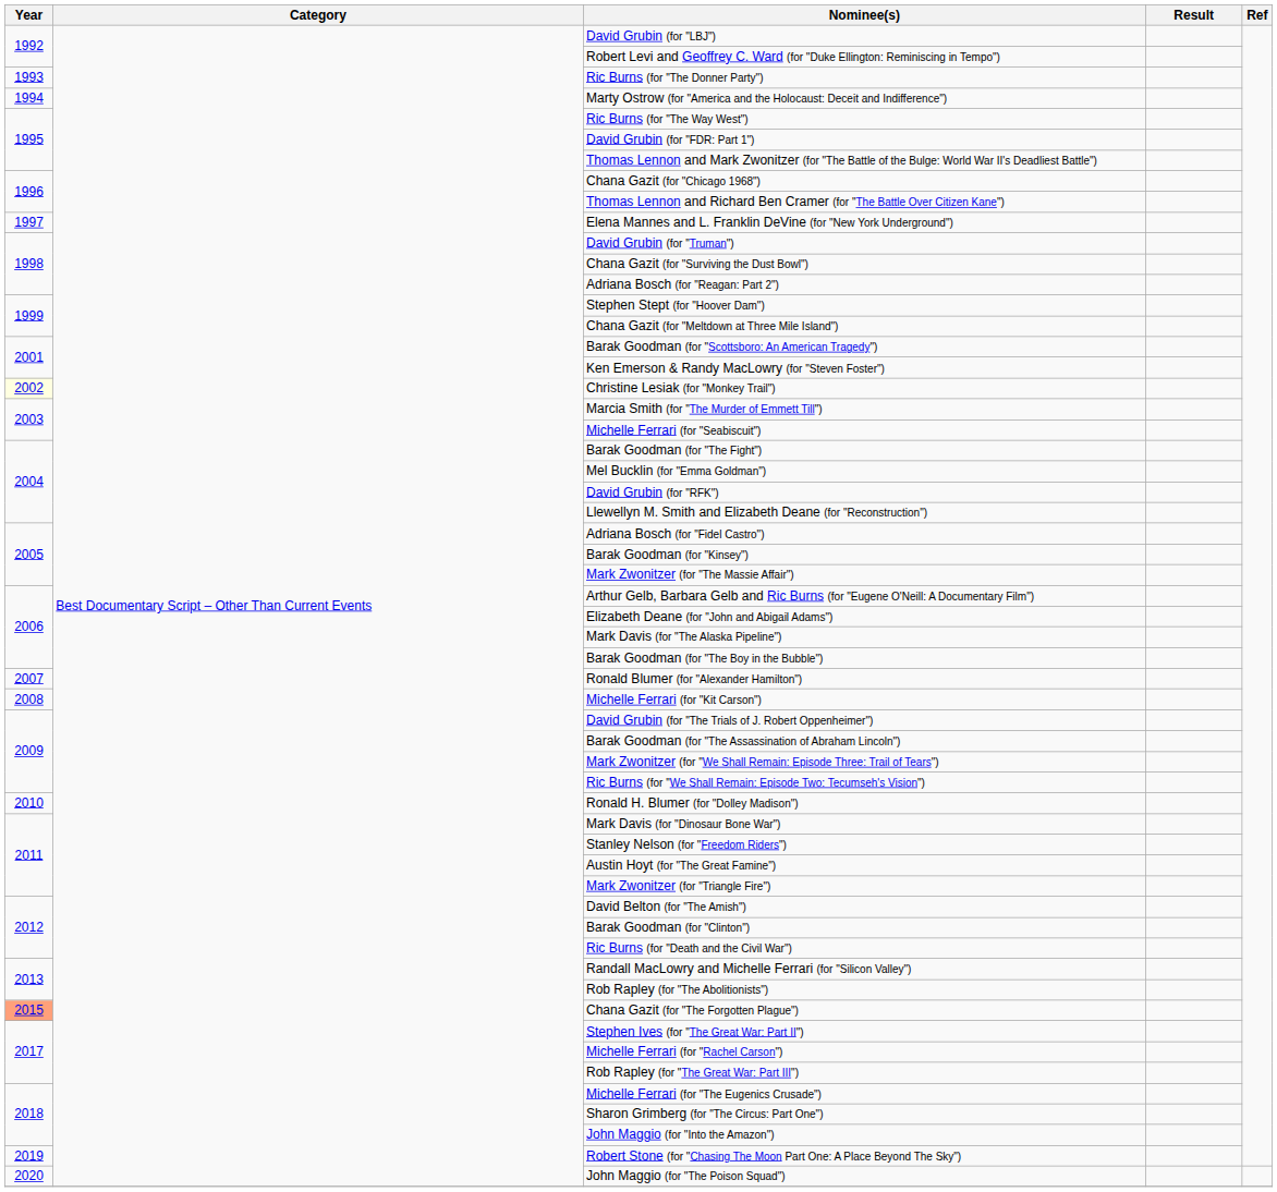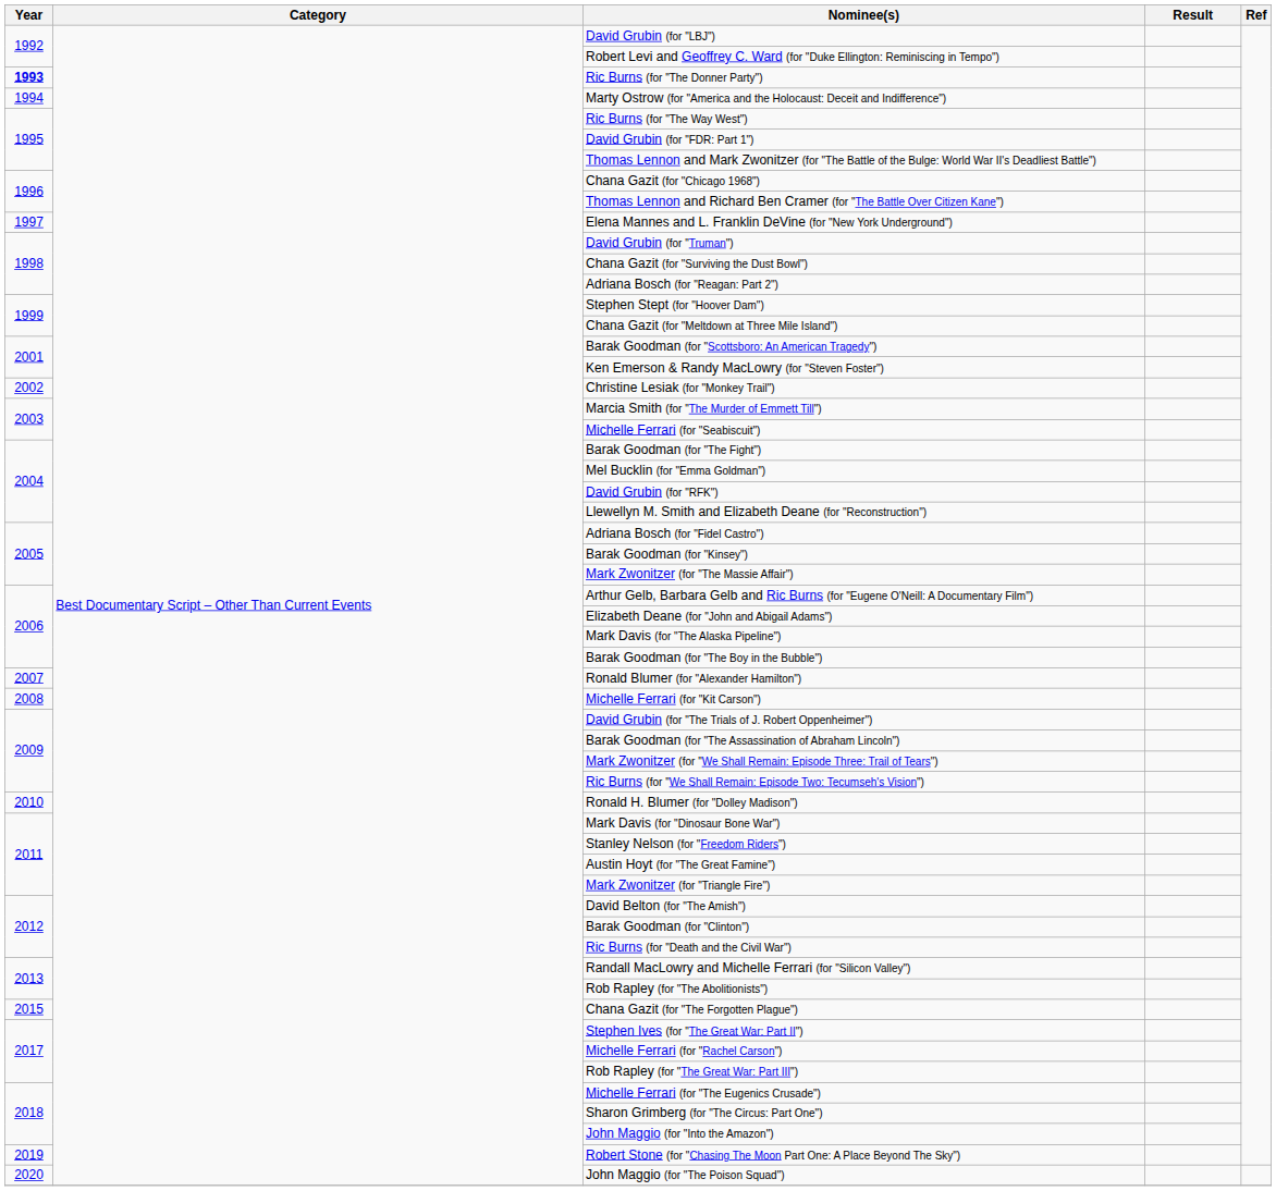 <table class="wikitable sortable" style="width:98%">
 <tr>
 <th scope="col" style="width:3%;">Year</th>
 <th scope="col" style="width:33%;">Category</th>
 <th scope="col" style="width:35%;">Nominee(s)</th>
 <th scope="col" style="width:6%;">Result</th>
 <th scope="col" class="unsortable" style="width:1%;">Ref</th>
 </tr>
 <tr>
 <td align="center" rowspan="2"><a href='#'>1992</a></td>
 <td rowspan="56"><a href='#'>Best Documentary Script – Other Than Current Events</a></td>
 <td><a href='#'>David Grubin</a> <small>(for "LBJ")</small></td>
 <td></td>
 <td rowspan="55"align="center"></td>
 </tr>
 <tr>
 <td>Robert Levi and <a href='#'>Geoffrey C. Ward</a> <small>(for "Duke Ellington: Reminiscing in Tempo")</small></td>
 <td></td>
 </tr>
 <tr>
-<td align="center" rowspan="1"><a href='#'>1993</a></td>
+<td align="center" rowspan="1"><strong><a href='#'>1993</a></strong></td>
 <td><a href='#'>Ric Burns</a> <small>(for "The Donner Party")</small></td>
 <td></td>
 </tr>
 <tr>
 <td align="center" rowspan="1"><a href='#'>1994</a></td>
 <td>Marty Ostrow <small>(for "America and the Holocaust: Deceit and Indifference")</small></td>
 <td></td>
 </tr>
 <tr>
 <td align="center" rowspan="3"><a href='#'>1995</a></td>
 <td><a href='#'>Ric Burns</a> <small>(for "The Way West")</small></td>
 <td></td>
 </tr>
 <tr>
 <td><a href='#'>David Grubin</a> <small>(for "FDR: Part 1")</small></td>
 <td></td>
 </tr>
 <tr>
 <td><a href='#'>Thomas Lennon</a> and Mark Zwonitzer <small>(for "The Battle of the Bulge: World War II's Deadliest Battle")</small></td>
 <td></td>
 </tr>
 <tr>
 <td align="center" rowspan="2"><a href='#'>1996</a></td>
 <td>Chana Gazit <small>(for "Chicago 1968")</small></td>
 <td></td>
 </tr>
 <tr>
 <td><a href='#'>Thomas Lennon</a> and Richard Ben Cramer <small>(for "<a href='#'>The Battle Over Citizen Kane</a>")</small></td>
 <td></td>
 </tr>
 <tr>
 <td align="center" rowspan="1"><a href='#'>1997</a></td>
 <td>Elena Mannes and L. Franklin DeVine <small>(for "New York Underground")</small></td>
 <td></td>
 </tr>
 <tr>
 <td align="center" rowspan="3"><a href='#'>1998</a></td>
 <td><a href='#'>David Grubin</a> <small>(for "<a href='#'>Truman</a>")</small></td>
 <td></td>
 </tr>
 <tr>
 <td>Chana Gazit <small>(for "Surviving the Dust Bowl")</small></td>
 <td></td>
 </tr>
 <tr>
 <td>Adriana Bosch <small>(for "Reagan: Part 2")</small></td>
 <td></td>
 </tr>
 <tr>
 <td align="center" rowspan="2"><a href='#'>1999</a></td>
 <td>Stephen Stept <small>(for "Hoover Dam")</small></td>
 <td></td>
 </tr>
 <tr>
 <td>Chana Gazit <small>(for "Meltdown at Three Mile Island")</small></td>
 <td></td>
 </tr>
 <tr>
 <td align="center" rowspan="2"><a href='#'>2001</a></td>
 <td>Barak Goodman <small>(for "<a href='#'>Scottsboro: An American Tragedy</a>")</small></td>
 <td></td>
 </tr>
 <tr>
 <td>Ken Emerson & Randy MacLowry <small>(for "Steven Foster")</small></td>
 <td></td>
 </tr>
 <tr>
-<td align="center" rowspan="1" style="background: lightyellow;"><a href='#'>2002</a></td>
+<td align="center" rowspan="1"><a href='#'>2002</a></td>
 <td>Christine Lesiak <small>(for "Monkey Trail")</small></td>
 <td></td>
 </tr>
 <tr>
 <td align="center" rowspan="2"><a href='#'>2003</a></td>
 <td>Marcia Smith <small>(for "<a href='#'>The Murder of Emmett Till</a>")</small></td>
 <td></td>
 </tr>
 <tr>
 <td><a href='#'>Michelle Ferrari</a> <small>(for "Seabiscuit")</small></td>
 <td></td>
 </tr>
 <tr>
 <td align="center" rowspan="4"><a href='#'>2004</a></td>
 <td>Barak Goodman <small>(for "The Fight")</small></td>
 <td></td>
 </tr>
 <tr>
 <td>Mel Bucklin <small>(for "Emma Goldman")</small></td>
 <td></td>
 </tr>
 <tr>
 <td><a href='#'>David Grubin</a> <small>(for "RFK")</small></td>
 <td></td>
 </tr>
 <tr>
 <td>Llewellyn M. Smith and Elizabeth Deane <small>(for "Reconstruction")</small></td>
 <td></td>
 </tr>
 <tr>
 <td align="center" rowspan="3"><a href='#'>2005</a></td>
 <td>Adriana Bosch <small>(for "Fidel Castro")</small></td>
 <td></td>
 </tr>
 <tr>
 <td>Barak Goodman <small>(for "Kinsey")</small></td>
 <td></td>
 </tr>
 <tr>
 <td><a href='#'>Mark Zwonitzer</a> <small>(for "The Massie Affair")</small></td>
 <td></td>
 </tr>
 <tr>
 <td align="center" rowspan="4"><a href='#'>2006</a></td>
 <td>Arthur Gelb, Barbara Gelb and <a href='#'>Ric Burns</a> <small>(for "Eugene O'Neill: A Documentary Film")</small></td>
 <td></td>
 </tr>
 <tr>
 <td>Elizabeth Deane <small>(for "John and Abigail Adams")</small></td>
 <td></td>
 </tr>
 <tr>
 <td>Mark Davis <small>(for "The Alaska Pipeline")</small></td>
 <td></td>
 </tr>
 <tr>
 <td>Barak Goodman <small>(for "The Boy in the Bubble")</small></td>
 <td></td>
 </tr>
 <tr>
 <td align="center" rowspan="1"><a href='#'>2007</a></td>
 <td>Ronald Blumer <small>(for "Alexander Hamilton")</small></td>
 <td></td>
 </tr>
 <tr>
 <td align="center" rowspan="1"><a href='#'>2008</a></td>
 <td><a href='#'>Michelle Ferrari</a> <small>(for "Kit Carson")</small></td>
 <td></td>
 </tr>
 <tr>
 <td align="center" rowspan="4"><a href='#'>2009</a></td>
 <td><a href='#'>David Grubin</a> <small>(for "The Trials of J. Robert Oppenheimer")</small></td>
 <td></td>
 </tr>
 <tr>
 <td>Barak Goodman <small>(for "The Assassination of Abraham Lincoln")</small></td>
 <td></td>
 </tr>
 <tr>
 <td><a href='#'>Mark Zwonitzer</a> <small>(for "<a href='#'>We Shall Remain: Episode Three: Trail of Tears</a>")</small></td>
 <td></td>
 </tr>
 <tr>
 <td><a href='#'>Ric Burns</a> <small>(for "<a href='#'>We Shall Remain: Episode Two: Tecumseh's Vision</a>")</small></td>
 <td></td>
 </tr>
 <tr>
 <td align="center" rowspan="1"><a href='#'>2010</a></td>
 <td>Ronald H. Blumer <small>(for "Dolley Madison")</small></td>
 <td></td>
 </tr>
 <tr>
 <td align="center" rowspan="4"><a href='#'>2011</a></td>
 <td>Mark Davis <small>(for "Dinosaur Bone War")</small></td>
 <td></td>
 </tr>
 <tr>
 <td>Stanley Nelson <small>(for "<a href='#'>Freedom Riders</a>")</small></td>
 <td></td>
 </tr>
 <tr>
 <td>Austin Hoyt <small>(for "The Great Famine")</small></td>
 <td></td>
 </tr>
 <tr>
 <td><a href='#'>Mark Zwonitzer</a> <small>(for "Triangle Fire")</small></td>
 <td></td>
 </tr>
 <tr>
 <td align="center" rowspan="3"><a href='#'>2012</a></td>
 <td>David Belton <small>(for "The Amish")</small></td>
 <td></td>
 </tr>
 <tr>
 <td>Barak Goodman <small>(for "Clinton")</small></td>
 <td></td>
 </tr>
 <tr>
 <td><a href='#'>Ric Burns</a> <small>(for "Death and the Civil War")</small></td>
 <td></td>
 </tr>
 <tr>
 <td align="center" rowspan="2"><a href='#'>2013</a></td>
 <td>Randall MacLowry and Michelle Ferrari <small>(for "Silicon Valley")</small></td>
 <td></td>
 </tr>
 <tr>
 <td>Rob Rapley <small>(for "The Abolitionists")</small></td>
 <td></td>
 </tr>
 <tr>
-<td align="center" rowspan="1" style="background: lightsalmon;"><a href='#'>2015</a></td>
+<td align="center" rowspan="1"><a href='#'>2015</a></td>
 <td>Chana Gazit <small>(for "The Forgotten Plague")</small></td>
 <td></td>
 </tr>
 <tr>
 <td align="center" rowspan="3"><a href='#'>2017</a></td>
 <td><a href='#'>Stephen Ives</a> <small>(for "<a href='#'>The Great War: Part II</a>")</small></td>
 <td></td>
 </tr>
 <tr>
 <td><a href='#'>Michelle Ferrari</a> <small>(for "<a href='#'>Rachel Carson</a>")</small></td>
 <td></td>
 </tr>
 <tr>
 <td>Rob Rapley <small>(for "<a href='#'>The Great War: Part III</a>")</small></td>
 <td></td>
 </tr>
 <tr>
 <td align="center" rowspan="3"><a href='#'>2018</a></td>
 <td><a href='#'>Michelle Ferrari</a> <small>(for "The Eugenics Crusade")</small></td>
 <td></td>
 </tr>
 <tr>
 <td>Sharon Grimberg <small>(for "The Circus: Part One")</small></td>
 <td></td>
 </tr>
 <tr>
 <td><a href='#'>John Maggio</a> <small>(for "Into the Amazon")</small></td>
 <td></td>
 </tr>
 <tr>
 <td align="center" rowspan="1"><a href='#'>2019</a></td>
 <td><a href='#'>Robert Stone</a> <small>(for "<a href='#'>Chasing The Moon</a> Part One: A Place Beyond The Sky")</small></td>
 <td></td>
 </tr>
 <tr>
 <td align="center" rowspan="1"><a href='#'>2020</a></td>
 <td>John Maggio <small>(for "The Poison Squad")</small></td>
 <td></td>
 <td></td>
 </tr>
 <tr>
 </tr>
 </table>
